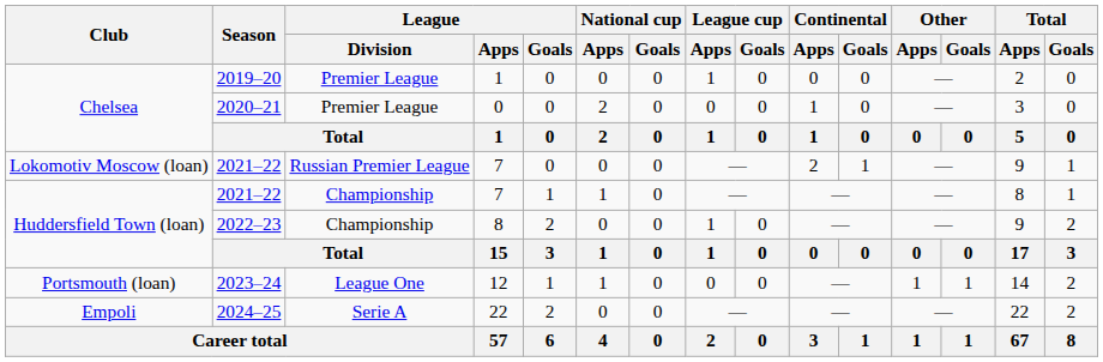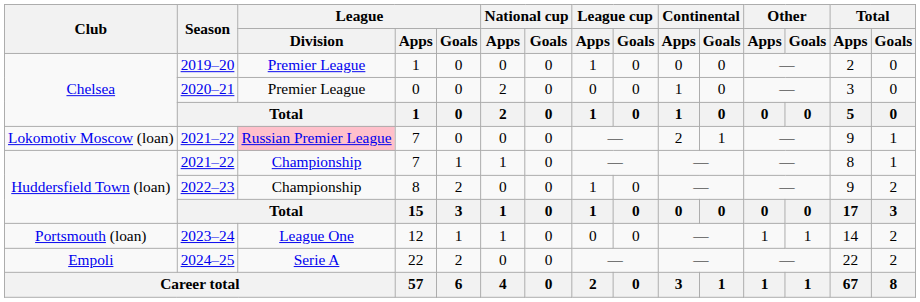 <table class=wikitable style="text-align: center">
 <tr>
 <th rowspan=2>Club</th>
 <th rowspan=2>Season</th>
 <th colspan=3>League</th>
 <th colspan=2>National cup</th>
 <th colspan=2>League cup</th>
 <th colspan=2>Continental</th>
 <th colspan=2>Other</th>
 <th colspan=2>Total</th>
 </tr>
 <tr>
 <th>Division</th>
 <th>Apps</th>
 <th>Goals</th>
 <th>Apps</th>
 <th>Goals</th>
 <th>Apps</th>
 <th>Goals</th>
 <th>Apps</th>
 <th>Goals</th>
 <th>Apps</th>
 <th>Goals</th>
 <th>Apps</th>
 <th>Goals</th>
 </tr>
 <tr>
 <td rowspan="3"><a href='#'>Chelsea</a></td>
 <td><a href='#'>2019–20</a></td>
 <td><a href='#'>Premier League</a></td>
 <td>1</td>
 <td>0</td>
 <td>0</td>
 <td>0</td>
 <td>1</td>
 <td>0</td>
 <td>0</td>
 <td>0</td>
 <td colspan="2">—</td>
 <td>2</td>
 <td>0</td>
 </tr>
 <tr>
 <td><a href='#'>2020–21</a></td>
 <td>Premier League</td>
 <td>0</td>
 <td>0</td>
 <td>2</td>
 <td>0</td>
 <td>0</td>
 <td>0</td>
 <td>1</td>
 <td>0</td>
 <td colspan="2">—</td>
 <td>3</td>
 <td>0</td>
 </tr>
 <tr>
 <th colspan="2">Total</th>
 <th>1</th>
 <th>0</th>
 <th>2</th>
 <th>0</th>
 <th>1</th>
 <th>0</th>
 <th>1</th>
 <th>0</th>
 <th>0</th>
 <th>0</th>
 <th>5</th>
 <th>0</th>
 </tr>
 <tr>
 <td><a href='#'>Lokomotiv Moscow</a> (loan)</td>
 <td><a href='#'>2021–22</a></td>
-<td><a href='#'>Russian Premier League</a></td>
+<td style="background: pink;"><a href='#'>Russian Premier League</a></td>
 <td>7</td>
 <td>0</td>
 <td>0</td>
 <td>0</td>
 <td colspan="2">—</td>
 <td>2</td>
 <td>1</td>
 <td colspan="2">—</td>
 <td>9</td>
 <td>1</td>
 </tr>
 <tr>
 <td rowspan=3><a href='#'>Huddersfield Town</a> (loan)</td>
 <td><a href='#'>2021–22</a></td>
 <td><a href='#'>Championship</a></td>
 <td>7</td>
 <td>1</td>
 <td>1</td>
 <td>0</td>
 <td colspan="2">—</td>
 <td colspan="2">—</td>
 <td colspan="2">—</td>
 <td>8</td>
 <td>1</td>
 </tr>
 <tr>
 <td><a href='#'>2022–23</a></td>
 <td>Championship</td>
 <td>8</td>
 <td>2</td>
 <td>0</td>
 <td>0</td>
 <td>1</td>
 <td>0</td>
 <td colspan="2">—</td>
 <td colspan="2">—</td>
 <td>9</td>
 <td>2</td>
 </tr>
 <tr>
 <th colspan="2">Total</th>
 <th>15</th>
 <th>3</th>
 <th>1</th>
 <th>0</th>
 <th>1</th>
 <th>0</th>
 <th>0</th>
 <th>0</th>
 <th>0</th>
 <th>0</th>
 <th>17</th>
 <th>3</th>
 </tr>
 <tr>
 <td><a href='#'>Portsmouth</a> (loan)</td>
 <td><a href='#'>2023–24</a></td>
 <td><a href='#'>League One</a></td>
 <td>12</td>
 <td>1</td>
 <td>1</td>
 <td>0</td>
 <td>0</td>
 <td>0</td>
 <td colspan="2">—</td>
 <td>1</td>
 <td>1</td>
 <td>14</td>
 <td>2</td>
 </tr>
 <tr>
 <td><a href='#'>Empoli</a></td>
 <td><a href='#'>2024–25</a></td>
 <td><a href='#'>Serie A</a></td>
 <td>22</td>
 <td>2</td>
 <td>0</td>
 <td>0</td>
 <td colspan="2">—</td>
 <td colspan="2">—</td>
 <td colspan="2">—</td>
 <td>22</td>
 <td>2</td>
 </tr>
 <tr>
 <th colspan="3">Career total</th>
 <th>57</th>
 <th>6</th>
 <th>4</th>
 <th>0</th>
 <th>2</th>
 <th>0</th>
 <th>3</th>
 <th>1</th>
 <th>1</th>
 <th>1</th>
 <th>67</th>
 <th>8</th>
 </tr>
 </table>
